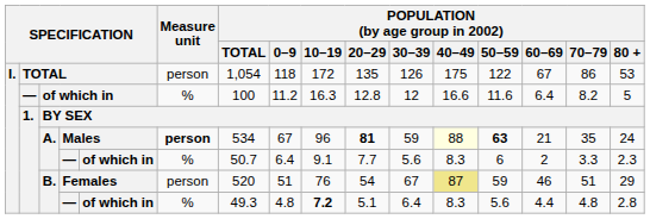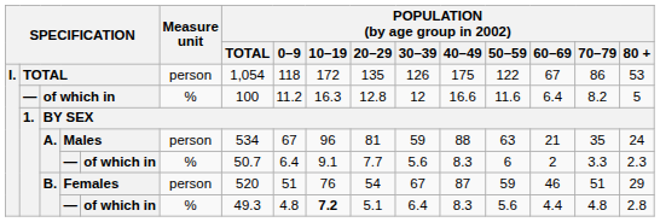 <table class="wikitable" style="font-size:85%; text-align:center">
 <tr>
 <th rowspan="2" colspan="5">SPECIFICATION</th>
 <th rowspan="2">Measure<br> unit</th>
 <th colspan="10" rowspan="1">POPULATION<br> (by age group in 2002)</th>
 </tr>
 <tr>
 <th>TOTAL</th>
 <th>0–9</th>
 <th>10–19</th>
 <th>20–29</th>
 <th>30–39</th>
 <th>40–49</th>
 <th>50–59</th>
 <th>60–69</th>
 <th>70–79</th>
 <th>80 +</th>
 </tr>
 <tr>
 <th style="text-align:left" valign="top" rowspan="7">I.</th>
 <th style="text-align:left" colspan="4">TOTAL</th>
 <td>person</td>
 <td>1,054</td>
 <td>118</td>
 <td>172</td>
 <td>135</td>
 <td>126</td>
 <td>175</td>
 <td>122</td>
 <td>67</td>
 <td>86</td>
 <td>53</td>
 </tr>
 <tr>
 <th style="text-align:left" valign="top">—</th>
 <th style="text-align:left" colspan="3">of which in</th>
 <td>%</td>
 <td>100</td>
 <td>11.2</td>
 <td>16.3</td>
 <td>12.8</td>
 <td>12</td>
 <td>16.6</td>
 <td>11.6</td>
 <td>6.4</td>
 <td>8.2</td>
 <td>5</td>
 </tr>
 <tr>
 <th style="text-align:left" valign="top" rowspan="5">1.</th>
 <th style="text-align:left" colspan="14">BY SEX</th>
 </tr>
 <tr>
 <th style="text-align:left" valign="top" rowspan="2">A.</th>
 <th style="text-align:left" colspan="2">Males</th>
-<td><strong>person</strong></td>
+<td>person</td>
 <td>534</td>
 <td>67</td>
 <td>96</td>
-<td><strong>81</strong></td>
+<td>81</td>
 <td>59</td>
-<td style="background: lightyellow;">88</td>
-<td><strong>63</strong></td>
+<td>88</td>
+<td>63</td>
 <td>21</td>
 <td>35</td>
 <td>24</td>
 </tr>
 <tr>
 <th style="text-align:left" valign="top">—</th>
 <th style="text-align:left" colspan="1">of which in</th>
 <td>%</td>
 <td>50.7</td>
 <td>6.4</td>
 <td>9.1</td>
 <td>7.7</td>
 <td>5.6</td>
 <td>8.3</td>
 <td>6</td>
 <td>2</td>
 <td>3.3</td>
 <td>2.3</td>
 </tr>
 <tr>
 <th style="text-align:left" valign="top" rowspan="2">B.</th>
 <th style="text-align:left" colspan="2">Females</th>
 <td>person</td>
 <td>520</td>
 <td>51</td>
 <td>76</td>
 <td>54</td>
 <td>67</td>
-<td style="background: khaki;">87</td>
+<td>87</td>
 <td>59</td>
 <td>46</td>
 <td>51</td>
 <td>29</td>
 </tr>
 <tr>
 <th style="text-align:left" valign="top">—</th>
 <th style="text-align:left" colspan="1">of which in</th>
 <td>%</td>
 <td>49.3</td>
 <td>4.8</td>
 <td><strong>7.2</strong></td>
 <td>5.1</td>
 <td>6.4</td>
 <td>8.3</td>
 <td>5.6</td>
 <td>4.4</td>
 <td>4.8</td>
 <td>2.8</td>
 </tr>
 </table>
